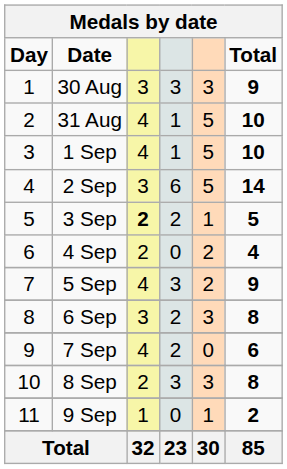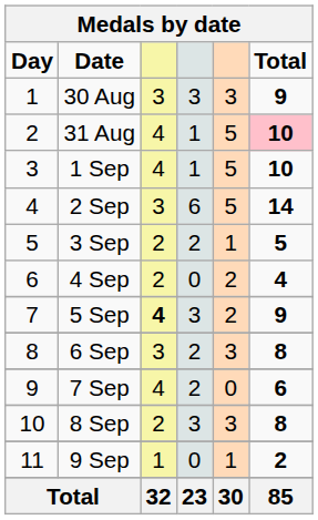 <table class="wikitable" style="font-size:95%;float:right;clear:right;margin-left:0.5em">
 <tr style="background:#efefef;">
 <th colspan=6>Medals by date</th>
 </tr>
 <tr style="text-align:center;">
 <td><strong>Day</strong></td>
 <td><strong>Date</strong></td>
 <td style="background:#F7F6A8;"></td>
 <td style="background:#DCE5E5;"></td>
 <td style="background:#FFDAB9;"></td>
 <td><strong>Total</strong></td>
 </tr>
 <tr style="text-align:center;">
 <td>1</td>
 <td>30 Aug</td>
 <td style="background:#F7F6A8;">3</td>
 <td style="background:#DCE5E5;">3</td>
 <td style="background:#FFDAB9;">3</td>
 <td><strong>9</strong></td>
 </tr>
 <tr style="text-align:center;">
 <td>2</td>
 <td>31 Aug</td>
 <td style="background:#F7F6A8;">4</td>
 <td style="background:#DCE5E5;">1</td>
 <td style="background:#FFDAB9;">5</td>
-<td><strong>10</strong></td>
+<td style="background: pink;"><strong>10</strong></td>
 </tr>
 <tr style="text-align:center;">
 <td>3</td>
 <td>1 Sep</td>
 <td style="background:#F7F6A8;">4</td>
 <td style="background:#DCE5E5;">1</td>
 <td style="background:#FFDAB9;">5</td>
 <td><strong>10</strong></td>
 </tr>
 <tr style="text-align:center;">
 <td>4</td>
 <td>2 Sep</td>
 <td style="background:#F7F6A8;">3</td>
 <td style="background:#DCE5E5;">6</td>
 <td style="background:#FFDAB9;">5</td>
 <td><strong>14</strong></td>
 </tr>
 <tr style="text-align:center;">
 <td>5</td>
 <td>3 Sep</td>
-<td style="background:#F7F6A8;"><strong>2</strong></td>
+<td style="background:#F7F6A8;">2</td>
 <td style="background:#DCE5E5;">2</td>
 <td style="background:#FFDAB9;">1</td>
 <td><strong>5</strong></td>
 </tr>
 <tr style="text-align:center;">
 <td>6</td>
 <td>4 Sep</td>
 <td style="background:#F7F6A8;">2</td>
 <td style="background:#DCE5E5;">0</td>
 <td style="background:#FFDAB9;">2</td>
 <td><strong>4</strong></td>
 </tr>
 <tr>
 </tr>
 <tr style="text-align:center;">
 <td>7</td>
 <td>5 Sep</td>
-<td style="background:#F7F6A8;">4</td>
+<td style="background:#F7F6A8;"><strong>4</strong></td>
 <td style="background:#DCE5E5;">3</td>
 <td style="background:#FFDAB9;">2</td>
 <td><strong>9</strong></td>
 </tr>
 <tr>
 </tr>
 <tr style="text-align:center;">
 <td>8</td>
 <td>6 Sep</td>
 <td style="background:#F7F6A8;">3</td>
 <td style="background:#DCE5E5;">2</td>
 <td style="background:#FFDAB9;">3</td>
 <td><strong>8</strong></td>
 </tr>
 <tr>
 </tr>
 <tr style="text-align:center;">
 <td>9</td>
 <td>7 Sep</td>
 <td style="background:#F7F6A8;">4</td>
 <td style="background:#DCE5E5;">2</td>
 <td style="background:#FFDAB9;">0</td>
 <td><strong>6</strong></td>
 </tr>
 <tr>
 </tr>
 <tr style="text-align:center;">
 <td>10</td>
 <td>8 Sep</td>
 <td style="background:#F7F6A8;">2</td>
 <td style="background:#DCE5E5;">3</td>
 <td style="background:#FFDAB9;">3</td>
 <td><strong>8</strong></td>
 </tr>
 <tr>
 </tr>
 <tr style="text-align:center;">
 <td>11</td>
 <td>9 Sep</td>
 <td style="background:#F7F6A8;">1</td>
 <td style="background:#DCE5E5;">0</td>
 <td style="background:#FFDAB9;">1</td>
 <td><strong>2</strong></td>
 </tr>
 <tr>
 </tr>
 <tr style="text-align:center;">
 <th colspan="2">Total</th>
 <th>32</th>
 <th>23</th>
 <th>30</th>
 <th>85</th>
 </tr>
 </table>
